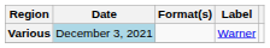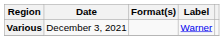 <table class="wikitable plainrowheaders">
 <tr>
 <th scope="col">Region</th>
 <th scope="col">Date</th>
 <th scope="col">Format(s)</th>
 <th scope="col">Label</th>
 <th scope="col"></th>
 </tr>
 <tr>
 <th scope="row">Various</th>
-<td style="background: lightblue;">December 3, 2021</td>
+<td>December 3, 2021</td>
 <td></td>
 <td><a href='#'>Warner</a></td>
 <td align="center"></td>
 </tr>
 <tr>
 </tr>
 </table>
